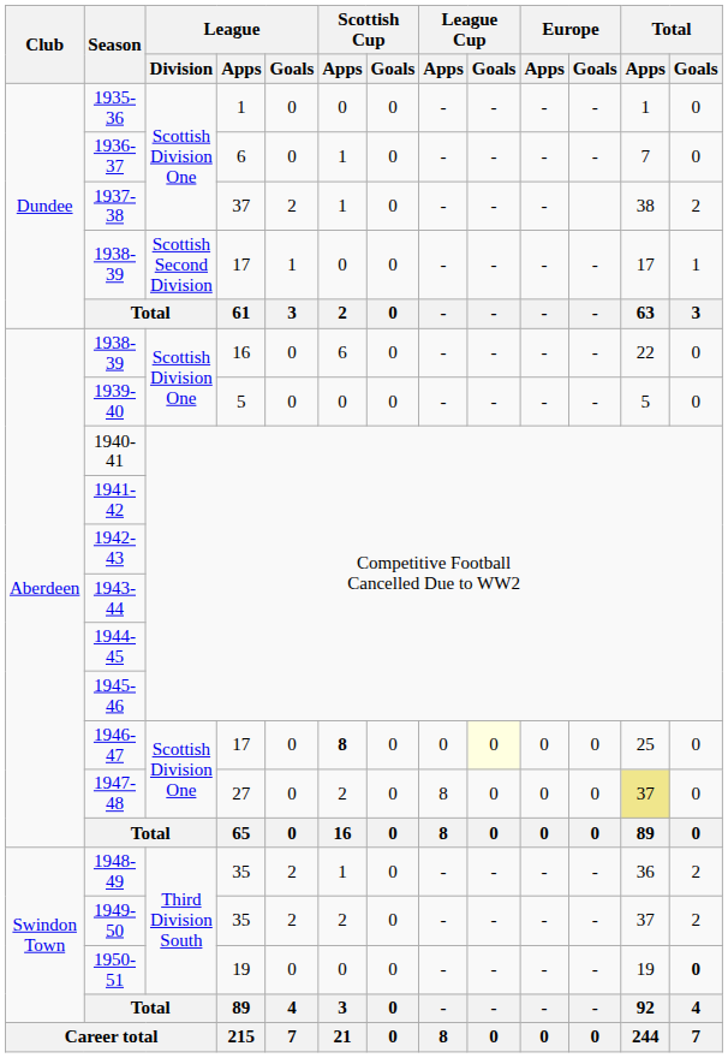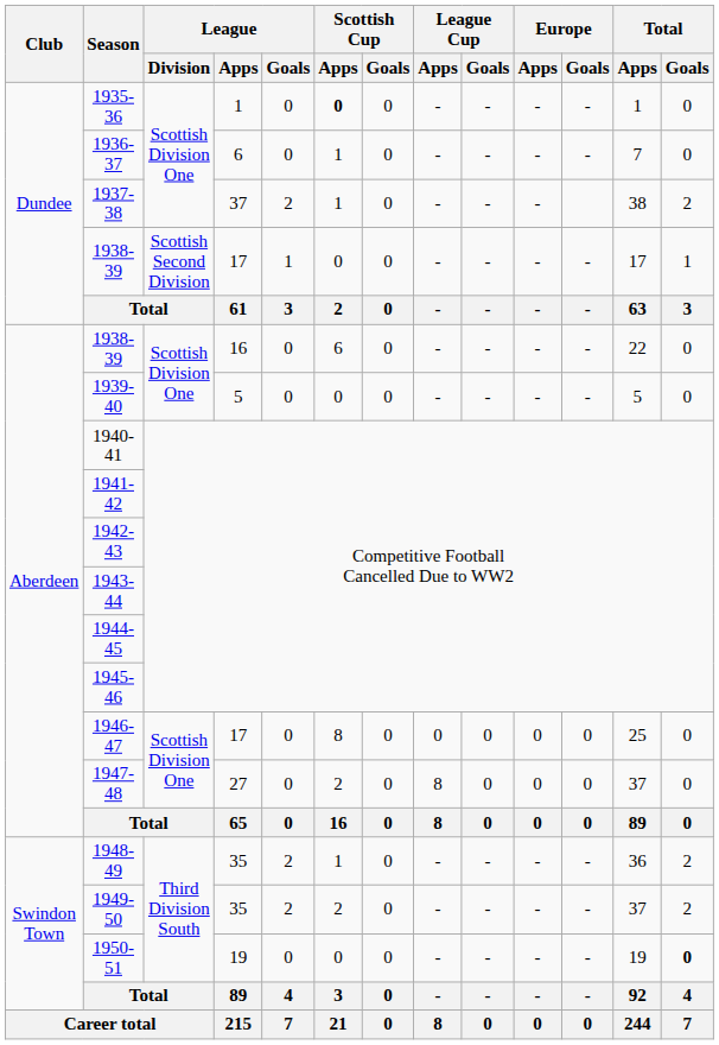 <table class="wikitable" style="text-align:center">
 <tr>
 <th rowspan="2">Club</th>
 <th rowspan="2">Season</th>
 <th colspan="3">League</th>
 <th colspan="2">Scottish Cup</th>
 <th colspan="2">League Cup</th>
 <th colspan="2">Europe</th>
 <th colspan="2">Total</th>
 </tr>
 <tr>
 <th>Division</th>
 <th>Apps</th>
 <th>Goals</th>
 <th>Apps</th>
 <th>Goals</th>
 <th>Apps</th>
 <th>Goals</th>
 <th>Apps</th>
 <th>Goals</th>
 <th>Apps</th>
 <th>Goals</th>
 </tr>
 <tr>
 <td rowspan="5"><a href='#'>Dundee</a></td>
 <td><a href='#'>1935-36</a></td>
 <td rowspan="3"><a href='#'>Scottish Division One</a></td>
 <td>1</td>
 <td>0</td>
-<td>0</td>
+<td><strong>0</strong></td>
 <td>0</td>
 <td>-</td>
 <td>-</td>
 <td>-</td>
 <td>-</td>
 <td>1</td>
 <td>0</td>
 </tr>
 <tr>
 <td><a href='#'>1936-37</a></td>
 <td>6</td>
 <td>0</td>
 <td>1</td>
 <td>0</td>
 <td>-</td>
 <td>-</td>
 <td>-</td>
 <td>-</td>
 <td>7</td>
 <td>0</td>
 </tr>
 <tr>
 <td><a href='#'>1937-38</a></td>
 <td>37</td>
 <td>2</td>
 <td>1</td>
 <td>0</td>
 <td>-</td>
 <td>-</td>
 <td>-</td>
 <td></td>
 <td>38</td>
 <td>2</td>
 </tr>
 <tr>
 <td><a href='#'>1938-39</a></td>
 <td><a href='#'>Scottish Second Division</a></td>
 <td>17</td>
 <td>1</td>
 <td>0</td>
 <td>0</td>
 <td>-</td>
 <td>-</td>
 <td>-</td>
 <td>-</td>
 <td>17</td>
 <td>1</td>
 </tr>
 <tr>
 <th colspan="2">Total</th>
 <th>61</th>
 <th>3</th>
 <th>2</th>
 <th>0</th>
 <th>-</th>
 <th>-</th>
 <th>-</th>
 <th>-</th>
 <th>63</th>
 <th>3</th>
 </tr>
 <tr>
 <td rowspan="11"><a href='#'>Aberdeen</a></td>
 <td><a href='#'>1938-39</a></td>
 <td rowspan="2"><a href='#'>Scottish Division One</a></td>
 <td>16</td>
 <td>0</td>
 <td>6</td>
 <td>0</td>
 <td>-</td>
 <td>-</td>
 <td>-</td>
 <td>-</td>
 <td>22</td>
 <td>0</td>
 </tr>
 <tr>
 <td><a href='#'>1939-40</a></td>
 <td>5</td>
 <td>0</td>
 <td>0</td>
 <td>0</td>
 <td>-</td>
 <td>-</td>
 <td>-</td>
 <td>-</td>
 <td>5</td>
 <td>0</td>
 </tr>
 <tr>
 <td>1940-41</td>
 <td colspan="11" rowspan="6">Competitive Football<br>Cancelled Due to WW2</td>
 </tr>
 <tr>
 <td><a href='#'>1941-42</a></td>
 </tr>
 <tr>
 <td><a href='#'>1942-43</a></td>
 </tr>
 <tr>
 <td><a href='#'>1943-44</a></td>
 </tr>
 <tr>
 <td><a href='#'>1944-45</a></td>
 </tr>
 <tr>
 <td><a href='#'>1945-46</a></td>
 </tr>
 <tr>
 <td><a href='#'>1946-47</a></td>
 <td rowspan="2"><a href='#'>Scottish Division One</a></td>
 <td>17</td>
 <td>0</td>
-<td><strong>8</strong></td>
+<td>8</td>
 <td>0</td>
 <td>0</td>
-<td style="background: lightyellow;">0</td>
+<td>0</td>
 <td>0</td>
 <td>0</td>
 <td>25</td>
 <td>0</td>
 </tr>
 <tr>
 <td><a href='#'>1947-48</a></td>
 <td>27</td>
 <td>0</td>
 <td>2</td>
 <td>0</td>
 <td>8</td>
 <td>0</td>
 <td>0</td>
 <td>0</td>
-<td style="background: khaki;">37</td>
+<td>37</td>
 <td>0</td>
 </tr>
 <tr>
 <th colspan="2">Total</th>
 <th>65</th>
 <th>0</th>
 <th>16</th>
 <th>0</th>
 <th>8</th>
 <th>0</th>
 <th>0</th>
 <th>0</th>
 <th>89</th>
 <th>0</th>
 </tr>
 <tr>
 <td rowspan="4"><a href='#'>Swindon Town</a></td>
 <td><a href='#'>1948-49</a></td>
 <td rowspan="3"><a href='#'>Third Division South</a></td>
 <td>35</td>
 <td>2</td>
 <td>1</td>
 <td>0</td>
 <td>-</td>
 <td>-</td>
 <td>-</td>
 <td>-</td>
 <td>36</td>
 <td>2</td>
 </tr>
 <tr>
 <td><a href='#'>1949-50</a></td>
 <td>35</td>
 <td>2</td>
 <td>2</td>
 <td>0</td>
 <td>-</td>
 <td>-</td>
 <td>-</td>
 <td>-</td>
 <td>37</td>
 <td>2</td>
 </tr>
 <tr>
 <td><a href='#'>1950-51</a></td>
 <td>19</td>
 <td>0</td>
 <td>0</td>
 <td>0</td>
 <td>-</td>
 <td>-</td>
 <td>-</td>
 <td>-</td>
 <td>19</td>
 <td><strong>0</strong></td>
 </tr>
 <tr>
 <th colspan="2">Total</th>
 <th>89</th>
 <th>4</th>
 <th>3</th>
 <th>0</th>
 <th>-</th>
 <th>-</th>
 <th>-</th>
 <th>-</th>
 <th>92</th>
 <th>4</th>
 </tr>
 <tr>
 <th colspan="3">Career total</th>
 <th>215</th>
 <th>7</th>
 <th>21</th>
 <th>0</th>
 <th>8</th>
 <th>0</th>
 <th>0</th>
 <th>0</th>
 <th>244</th>
 <th>7</th>
 </tr>
 </table>
